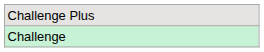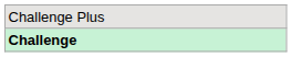 <table class=wikitable style=font-size:80%;width:20%>
 <tr bgcolor=#e5e4e2>
 <td>Challenge Plus</td>
 </tr>
 <tr bgcolor=#c7f2d5>
-<td>Challenge</td>
+<td><strong>Challenge</strong></td>
 </tr>
 </table>
